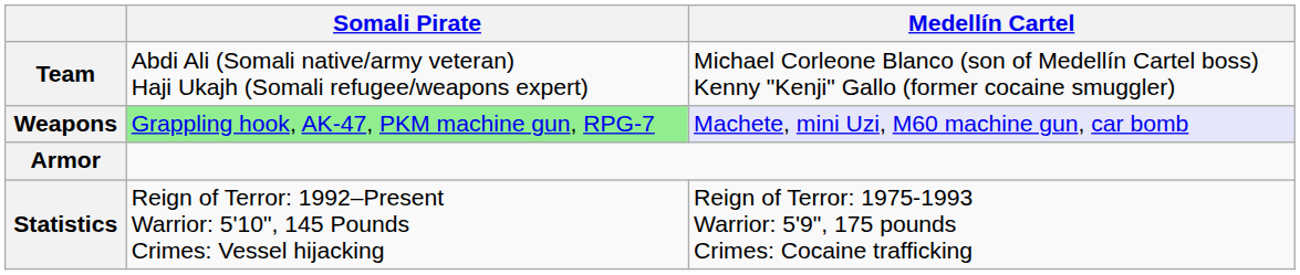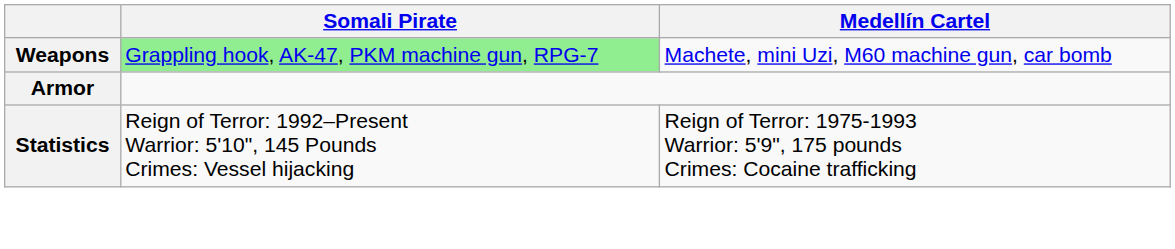 <table class="wikitable unsortable" ; style="width: 100%">
 <tr>
 <th></th>
 <th><strong><a href='#'>Somali Pirate</a></strong></th>
 <th><strong><a href='#'>Medellín Cartel</a></strong></th>
 </tr>
 <tr>
-<th>Team</th>
-<td>Abdi Ali (Somali native/army veteran)<br>Haji Ukajh (Somali refugee/weapons expert)</td>
-<td>Michael Corleone Blanco (son of Medellín Cartel boss)<br>Kenny "Kenji" Gallo (former cocaine smuggler)</td>
-</tr>
-<tr>
 <th>Weapons</th>
 <td style="background: lightgreen;"><a href='#'>Grappling hook</a>, <a href='#'>AK-47</a>, <a href='#'>PKM machine gun</a>, <a href='#'>RPG-7</a></td>
-<td style="background: lavender;"><a href='#'>Machete</a>, <a href='#'>mini Uzi</a>, <a href='#'>M60 machine gun</a>, <a href='#'>car bomb</a></td>
+<td><a href='#'>Machete</a>, <a href='#'>mini Uzi</a>, <a href='#'>M60 machine gun</a>, <a href='#'>car bomb</a></td>
 </tr>
 <tr>
 <th>Armor</th>
 <td colspan="2"></td>
 </tr>
 <tr>
 <th>Statistics</th>
 <td>Reign of Terror: 1992–Present<br>Warrior: 5'10", 145 Pounds<br>Crimes: Vessel hijacking</td>
 <td>Reign of Terror: 1975-1993<br>Warrior: 5'9", 175 pounds<br>Crimes: Cocaine trafficking</td>
 </tr>
 </table>
